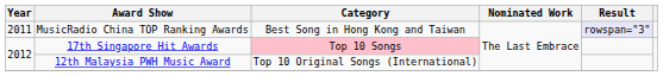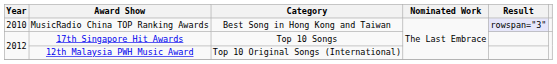 <table class= "wikitable">
 <tr>
 <th>Year</th>
 <th>Award Show</th>
 <th>Category</th>
 <th>Nominated Work</th>
 <th>Result</th>
 <th class="unsortable"></th>
 </tr>
 <tr align= "center">
-<td>2011</td>
+<td>2010</td>
 <td>MusicRadio China TOP Ranking Awards</td>
 <td>Best Song in Hong Kong and Taiwan</td>
 <td rowspan="3">The Last Embrace</td>
 <td style="background: lavender;">rowspan="3" </td>
 <td></td>
 </tr>
 <tr align= "center">
 <td rowspan="2">2012</td>
 <td><a href='#'>17th Singapore Hit Awards</a></td>
-<td style="background: pink;">Top 10 Songs</td>
+<td>Top 10 Songs</td>
 <td></td>
 </tr>
 <tr align= "center">
 <td><a href='#'>12th Malaysia PWH Music Award</a></td>
 <td>Top 10 Original Songs (International)</td>
 <td></td>
 </tr>
 <tr>
 </tr>
 </table>
